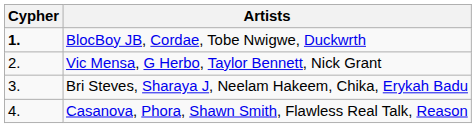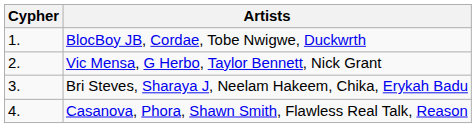 <table class="wikitable">
 <tr>
 <th>Cypher</th>
 <th>Artists</th>
 </tr>
 <tr>
-<td><strong>1.</strong></td>
+<td>1.</td>
 <td><a href='#'>BlocBoy JB</a>, <a href='#'>Cordae</a>, Tobe Nwigwe,  <a href='#'>Duckwrth</a></td>
 </tr>
 <tr>
 <td>2.</td>
 <td><a href='#'>Vic Mensa</a>, <a href='#'>G Herbo</a>, <a href='#'>Taylor Bennett</a>, Nick Grant</td>
 </tr>
 <tr>
 <td>3.</td>
 <td>Bri Steves, <a href='#'>Sharaya J</a>, Neelam Hakeem, Chika, <a href='#'>Erykah Badu</a></td>
 </tr>
 <tr>
 <td>4.</td>
 <td><a href='#'>Casanova</a>, <a href='#'>Phora</a>, <a href='#'>Shawn Smith</a>, Flawless Real Talk, <a href='#'>Reason</a></td>
 </tr>
 </table>
